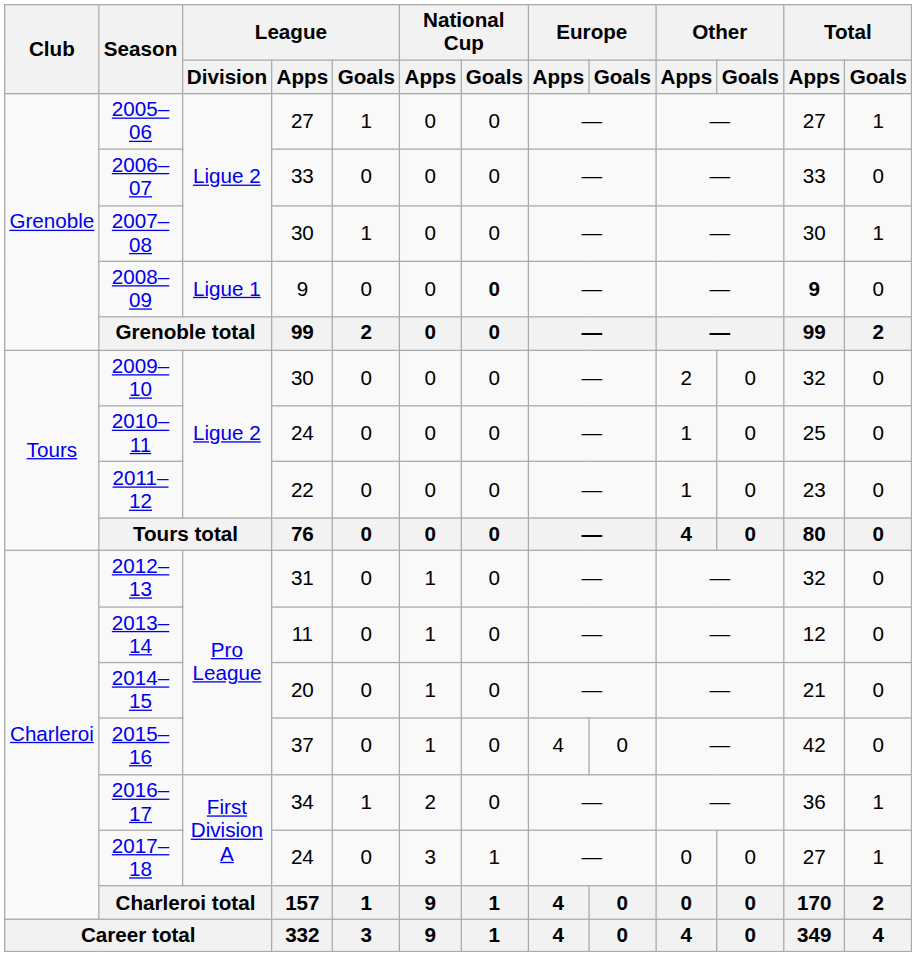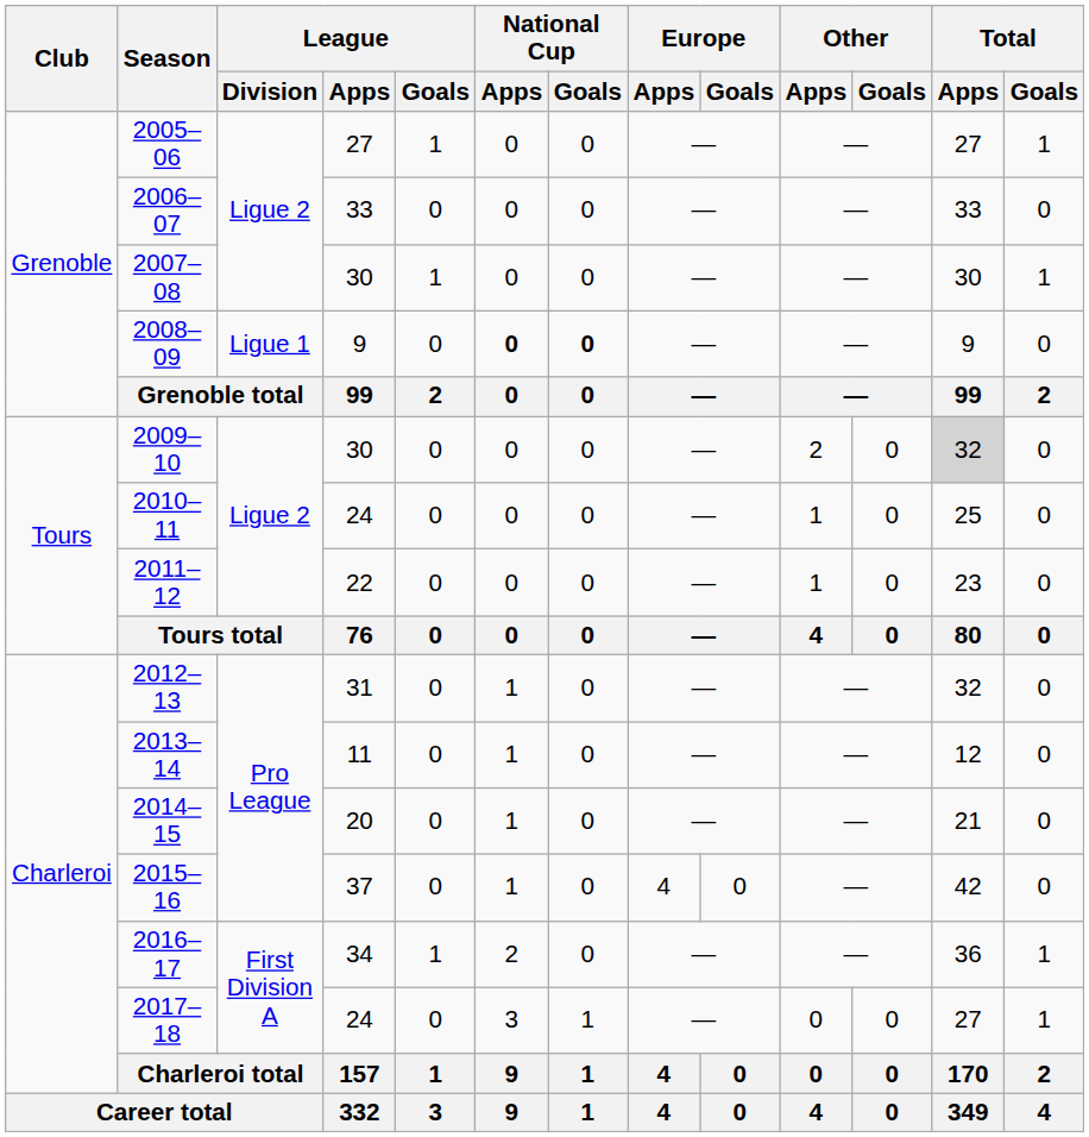 <table class="wikitable" style="text-align:center">
 <tr>
 <th rowspan="2">Club</th>
 <th rowspan="2">Season</th>
 <th colspan="3">League</th>
 <th colspan="2">National Cup</th>
 <th colspan="2">Europe</th>
 <th colspan="2">Other</th>
 <th colspan="2">Total</th>
 </tr>
 <tr>
 <th>Division</th>
 <th>Apps</th>
 <th>Goals</th>
 <th>Apps</th>
 <th>Goals</th>
 <th>Apps</th>
 <th>Goals</th>
 <th>Apps</th>
 <th>Goals</th>
 <th>Apps</th>
 <th>Goals</th>
 </tr>
 <tr>
 <td rowspan="5"><a href='#'>Grenoble</a></td>
 <td><a href='#'>2005–06</a></td>
 <td rowspan="3"><a href='#'>Ligue 2</a></td>
 <td>27</td>
 <td>1</td>
 <td>0</td>
 <td>0</td>
 <td colspan="2">—</td>
 <td colspan="2">—</td>
 <td>27</td>
 <td>1</td>
 </tr>
 <tr>
 <td><a href='#'>2006–07</a></td>
 <td>33</td>
 <td>0</td>
 <td>0</td>
 <td>0</td>
 <td colspan="2">—</td>
 <td colspan="2">—</td>
 <td>33</td>
 <td>0</td>
 </tr>
 <tr>
 <td><a href='#'>2007–08</a></td>
 <td>30</td>
 <td>1</td>
 <td>0</td>
 <td>0</td>
 <td colspan="2">—</td>
 <td colspan="2">—</td>
 <td>30</td>
 <td>1</td>
 </tr>
 <tr>
 <td><a href='#'>2008–09</a></td>
 <td><a href='#'>Ligue 1</a></td>
 <td>9</td>
 <td>0</td>
-<td>0</td>
+<td><strong>0</strong></td>
 <td><strong>0</strong></td>
 <td colspan="2">—</td>
 <td colspan="2">—</td>
-<td><strong>9</strong></td>
+<td>9</td>
 <td>0</td>
 </tr>
 <tr>
 <th colspan="2">Grenoble total</th>
 <th>99</th>
 <th>2</th>
 <th>0</th>
 <th>0</th>
 <th colspan="2">—</th>
 <th colspan="2">—</th>
 <th>99</th>
 <th>2</th>
 </tr>
 <tr>
 <td rowspan="4"><a href='#'>Tours</a></td>
 <td><a href='#'>2009–10</a></td>
 <td rowspan="3"><a href='#'>Ligue 2</a></td>
 <td>30</td>
 <td>0</td>
 <td>0</td>
 <td>0</td>
 <td colspan="2">—</td>
 <td>2</td>
 <td>0</td>
-<td>32</td>
+<td style="background: lightgrey;">32</td>
 <td>0</td>
 </tr>
 <tr>
 <td><a href='#'>2010–11</a></td>
 <td>24</td>
 <td>0</td>
 <td>0</td>
 <td>0</td>
 <td colspan="2">—</td>
 <td>1</td>
 <td>0</td>
 <td>25</td>
 <td>0</td>
 </tr>
 <tr>
 <td><a href='#'>2011–12</a></td>
 <td>22</td>
 <td>0</td>
 <td>0</td>
 <td>0</td>
 <td colspan="2">—</td>
 <td>1</td>
 <td>0</td>
 <td>23</td>
 <td>0</td>
 </tr>
 <tr>
 <th colspan="2">Tours total</th>
 <th>76</th>
 <th>0</th>
 <th>0</th>
 <th>0</th>
 <th colspan="2">—</th>
 <th>4</th>
 <th>0</th>
 <th>80</th>
 <th>0</th>
 </tr>
 <tr>
 <td rowspan="7"><a href='#'>Charleroi</a></td>
 <td><a href='#'>2012–13</a></td>
 <td rowspan="4"><a href='#'>Pro League</a></td>
 <td>31</td>
 <td>0</td>
 <td>1</td>
 <td>0</td>
 <td colspan="2">—</td>
 <td colspan="2">—</td>
 <td>32</td>
 <td>0</td>
 </tr>
 <tr>
 <td><a href='#'>2013–14</a></td>
 <td>11</td>
 <td>0</td>
 <td>1</td>
 <td>0</td>
 <td colspan="2">—</td>
 <td colspan="2">—</td>
 <td>12</td>
 <td>0</td>
 </tr>
 <tr>
 <td><a href='#'>2014–15</a></td>
 <td>20</td>
 <td>0</td>
 <td>1</td>
 <td>0</td>
 <td colspan="2">—</td>
 <td colspan="2">—</td>
 <td>21</td>
 <td>0</td>
 </tr>
 <tr>
 <td><a href='#'>2015–16</a></td>
 <td>37</td>
 <td>0</td>
 <td>1</td>
 <td>0</td>
 <td>4</td>
 <td>0</td>
 <td colspan="2">—</td>
 <td>42</td>
 <td>0</td>
 </tr>
 <tr>
 <td><a href='#'>2016–17</a></td>
 <td rowspan="2"><a href='#'>First Division A</a></td>
 <td>34</td>
 <td>1</td>
 <td>2</td>
 <td>0</td>
 <td colspan="2">—</td>
 <td colspan="2">—</td>
 <td>36</td>
 <td>1</td>
 </tr>
 <tr>
 <td><a href='#'>2017–18</a></td>
 <td>24</td>
 <td>0</td>
 <td>3</td>
 <td>1</td>
 <td colspan="2">—</td>
 <td>0</td>
 <td>0</td>
 <td>27</td>
 <td>1</td>
 </tr>
 <tr>
 <th colspan="2">Charleroi total</th>
 <th>157</th>
 <th>1</th>
 <th>9</th>
 <th>1</th>
 <th>4</th>
 <th>0</th>
 <th>0</th>
 <th>0</th>
 <th>170</th>
 <th>2</th>
 </tr>
 <tr>
 <th colspan="3">Career total</th>
 <th>332</th>
 <th>3</th>
 <th>9</th>
 <th>1</th>
 <th>4</th>
 <th>0</th>
 <th>4</th>
 <th>0</th>
 <th>349</th>
 <th>4</th>
 </tr>
 </table>
